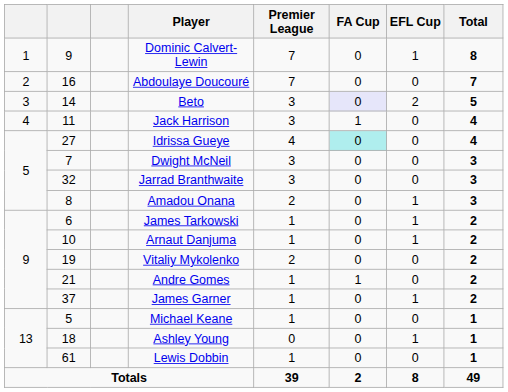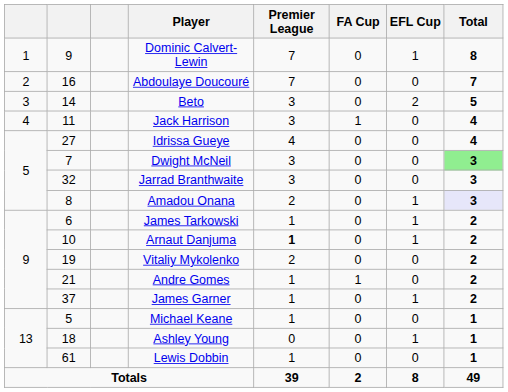 <table class="wikitable" style="font-size: 95%; text-align: center;">
 <tr>
 <th width=60></th>
 <th width=60></th>
 <th width=60></th>
 <th width=180>Player</th>
 <th width=100>Premier League</th>
 <th width=80>FA Cup</th>
 <th width=80>EFL Cup</th>
 <th width=80>Total</th>
 </tr>
 <tr>
 <td rowspan="1">1</td>
 <td>9</td>
 <td></td>
 <td><a href='#'>Dominic Calvert-Lewin</a></td>
 <td>7</td>
 <td>0</td>
 <td>1</td>
 <td><strong>8</strong></td>
 </tr>
 <tr>
 <td rowspan="1">2</td>
 <td>16</td>
 <td></td>
 <td><a href='#'>Abdoulaye Doucouré</a></td>
 <td>7</td>
 <td>0</td>
 <td>0</td>
 <td><strong>7</strong></td>
 </tr>
 <tr>
 <td rowspan="1">3</td>
 <td>14</td>
 <td></td>
 <td><a href='#'>Beto</a></td>
 <td>3</td>
-<td style="background: lavender;">0</td>
+<td>0</td>
 <td>2</td>
 <td><strong>5</strong></td>
 </tr>
 <tr>
 <td rowspan="1">4</td>
 <td>11</td>
 <td></td>
 <td><a href='#'>Jack Harrison</a></td>
 <td>3</td>
 <td>1</td>
 <td>0</td>
 <td><strong>4</strong></td>
 </tr>
 <tr>
 <td rowspan="4">5</td>
 <td>27</td>
 <td></td>
 <td><a href='#'>Idrissa Gueye</a></td>
 <td>4</td>
-<td style="background: paleturquoise;">0</td>
+<td>0</td>
 <td>0</td>
 <td><strong>4</strong></td>
 </tr>
 <tr>
 <td>7</td>
 <td></td>
 <td><a href='#'>Dwight McNeil</a></td>
 <td>3</td>
 <td>0</td>
 <td>0</td>
-<td><strong>3</strong></td>
+<td style="background: lightgreen;"><strong>3</strong></td>
 </tr>
 <tr>
 <td>32</td>
 <td></td>
 <td><a href='#'>Jarrad Branthwaite</a></td>
 <td>3</td>
 <td>0</td>
 <td>0</td>
 <td><strong>3</strong></td>
 </tr>
 <tr>
 <td>8</td>
 <td></td>
 <td><a href='#'>Amadou Onana</a></td>
 <td>2</td>
 <td>0</td>
 <td>1</td>
-<td><strong>3</strong></td>
+<td style="background: lavender;"><strong>3</strong></td>
 </tr>
 <tr>
 <td rowspan="5">9</td>
 <td>6</td>
 <td></td>
 <td><a href='#'>James Tarkowski</a></td>
 <td>1</td>
 <td>0</td>
 <td>1</td>
 <td><strong>2</strong></td>
 </tr>
 <tr>
 <td>10</td>
 <td></td>
 <td><a href='#'>Arnaut Danjuma</a></td>
-<td>1</td>
+<td><strong>1</strong></td>
 <td>0</td>
 <td>1</td>
 <td><strong>2</strong></td>
 </tr>
 <tr>
 <td>19</td>
 <td></td>
 <td><a href='#'>Vitaliy Mykolenko</a></td>
 <td>2</td>
 <td>0</td>
 <td>0</td>
 <td><strong>2</strong></td>
 </tr>
 <tr>
 <td>21</td>
 <td></td>
 <td><a href='#'>Andre Gomes</a></td>
 <td>1</td>
 <td>1</td>
 <td>0</td>
 <td><strong>2</strong></td>
 </tr>
 <tr>
 <td>37</td>
 <td></td>
 <td><a href='#'>James Garner</a></td>
 <td>1</td>
 <td>0</td>
 <td>1</td>
 <td><strong>2</strong></td>
 </tr>
 <tr>
 <td rowspan="3">13</td>
 <td>5</td>
 <td></td>
 <td><a href='#'>Michael Keane</a></td>
 <td>1</td>
 <td>0</td>
 <td>0</td>
 <td><strong>1</strong></td>
 </tr>
 <tr>
 <td>18</td>
 <td></td>
 <td><a href='#'>Ashley Young</a></td>
 <td>0</td>
 <td>0</td>
 <td>1</td>
 <td><strong>1</strong></td>
 </tr>
 <tr>
 <td>61</td>
 <td></td>
 <td><a href='#'>Lewis Dobbin</a></td>
 <td>1</td>
 <td>0</td>
 <td>0</td>
 <td><strong>1</strong></td>
 </tr>
 <tr>
 <td colspan=4><strong>Totals</strong></td>
 <td><strong>39</strong></td>
 <td><strong>2</strong></td>
 <td><strong>8</strong></td>
 <td><strong>49</strong></td>
 </tr>
 </table>
